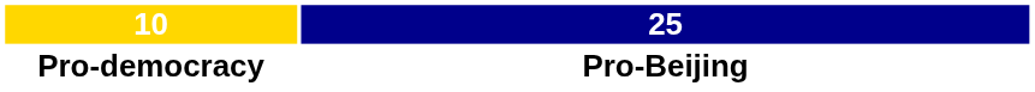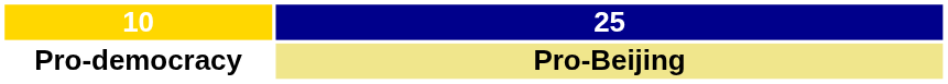 <table style="width:60%; text-align:center;">
 <tr style="color:white;">
 <td style="background:gold; width:28.57%;"><strong>10</strong></td>
 <td style="background:darkblue; width:71.43%;"><strong>25</strong></td>
 </tr>
 <tr>
 <td><span><strong>Pro-democracy</strong></span></td>
-<td><span><strong>Pro-Beijing</strong></span></td>
+<td style="background: khaki;"><span><strong>Pro-Beijing</strong></span></td>
 </tr>
 </table>
